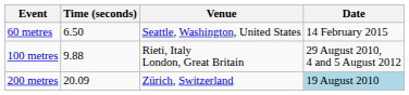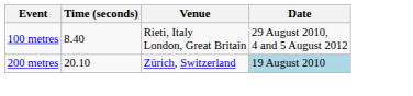 <table class="wikitable" style="font-">
 <tr>
 <th>Event</th>
 <th>Time (seconds)</th>
 <th>Venue</th>
 <th>Date</th>
 </tr>
 <tr>
-<td><a href='#'>60 metres</a></td>
-<td>6.50</td>
-<td><a href='#'>Seattle</a>, <a href='#'>Washington</a>, United States</td>
-<td>14 February 2015</td>
-</tr>
-<tr>
 <td><a href='#'>100 metres</a></td>
-<td>9.88</td>
+<td>8.40</td>
 <td>Rieti, Italy<br>London, Great Britain</td>
 <td>29 August 2010,<br>4 and 5 August 2012</td>
 </tr>
 <tr>
 <td><a href='#'>200 metres</a></td>
-<td>20.09</td>
+<td>20.10</td>
 <td><a href='#'>Zürich</a>, <a href='#'>Switzerland</a></td>
 <td style="background: lightblue;">19 August 2010</td>
 </tr>
 </table>
